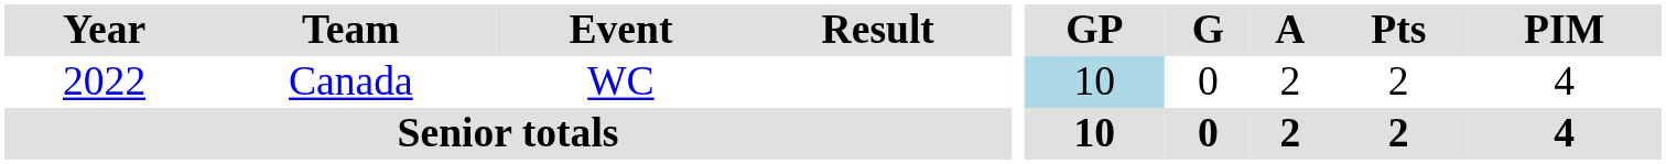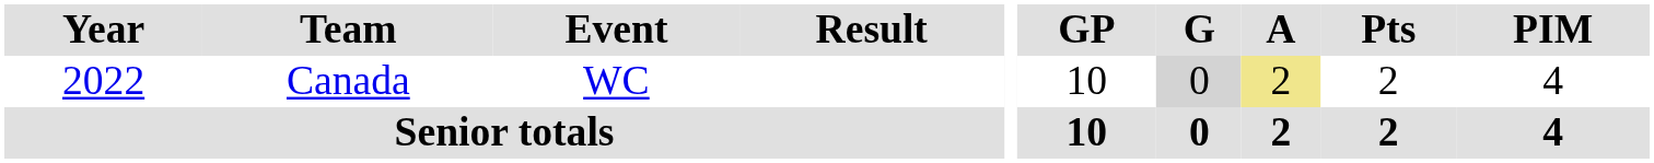 <table border="0" cellpadding="1" cellspacing="0" ID="Table3" style="text-align:center; width:40em;">
 <tr bgcolor="#e0e0e0">
 <th>Year</th>
 <th>Team</th>
 <th>Event</th>
 <th>Result</th>
 <th rowspan="99" bgcolor="#ffffff"></th>
 <th>GP</th>
 <th>G</th>
 <th>A</th>
 <th>Pts</th>
 <th>PIM</th>
 </tr>
 <tr>
 <td><a href='#'>2022</a></td>
 <td><a href='#'>Canada</a></td>
 <td><a href='#'>WC</a></td>
 <td></td>
-<td style="background: lightblue;">10</td>
-<td>0</td>
-<td>2</td>
+<td>10</td>
+<td style="background: lightgrey;">0</td>
+<td style="background: khaki;">2</td>
 <td>2</td>
 <td>4</td>
 </tr>
 <tr bgcolor="#e0e0e0">
 <th colspan="4">Senior totals</th>
 <th>10</th>
 <th>0</th>
 <th>2</th>
 <th>2</th>
 <th>4</th>
 </tr>
 </table>
